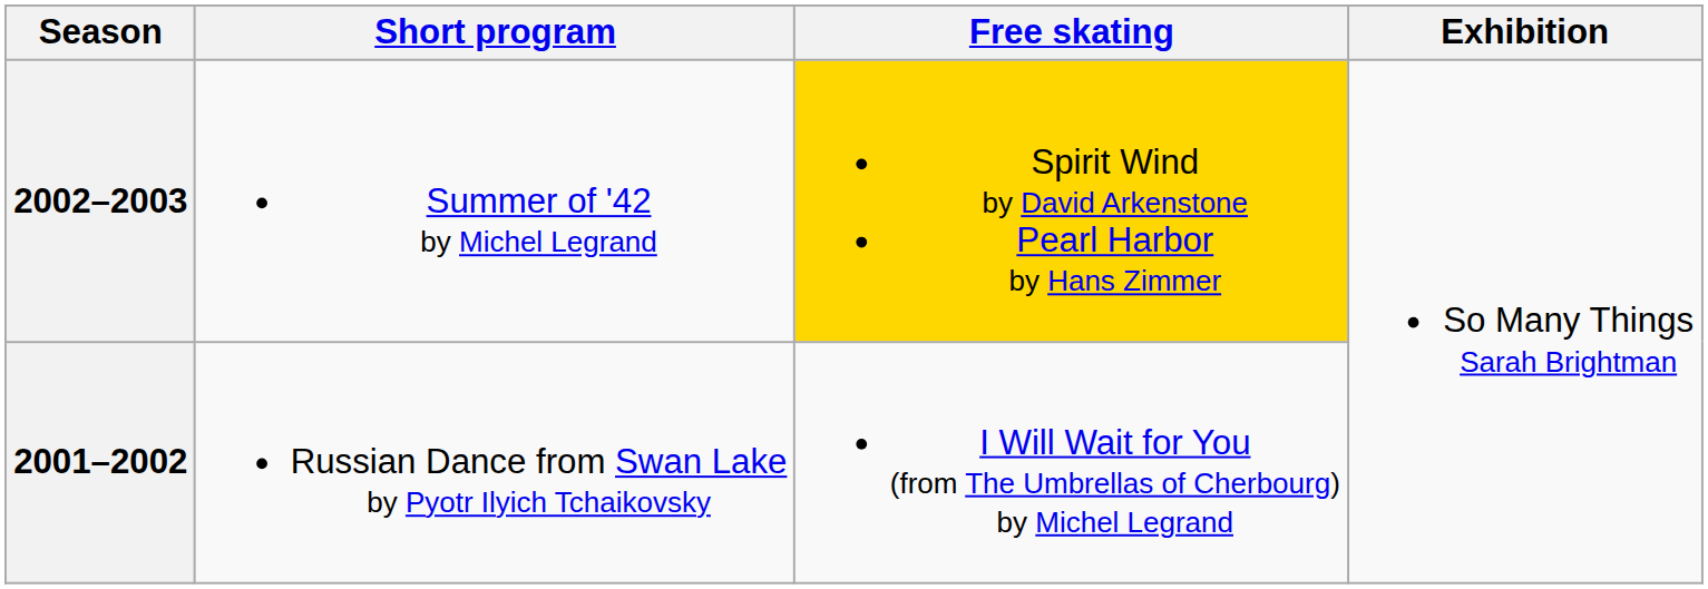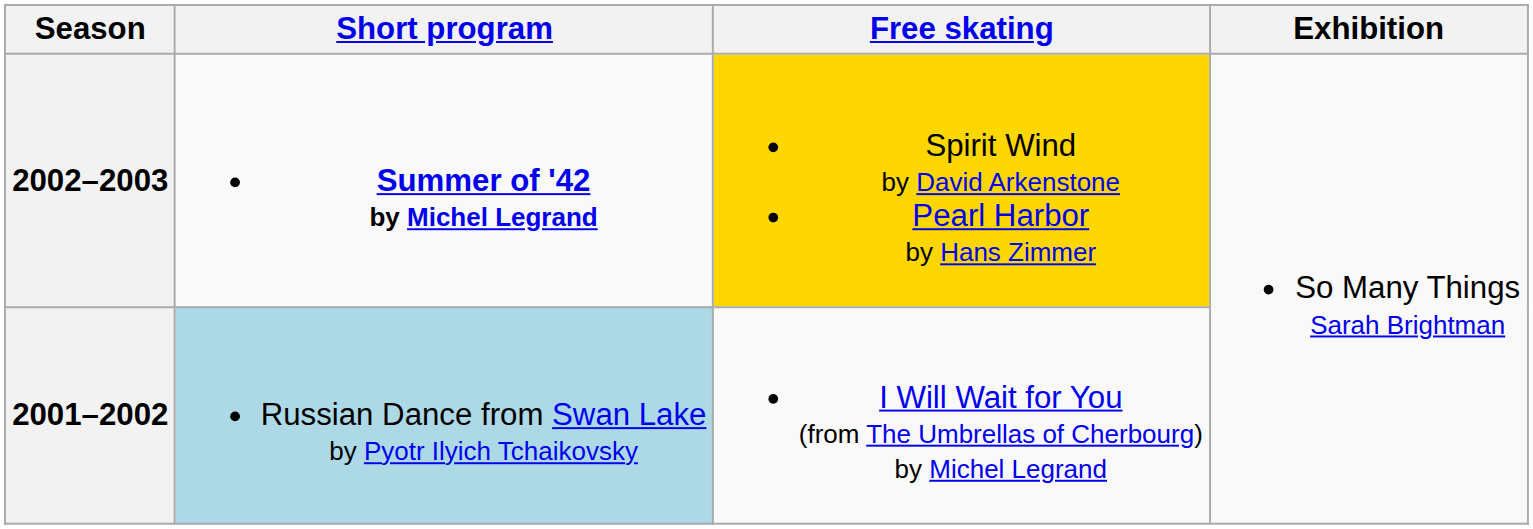 <table class="wikitable" style="text-align:center">
 <tr>
 <th>Season</th>
 <th><a href='#'>Short program</a></th>
 <th><a href='#'>Free skating</a></th>
 <th>Exhibition</th>
 </tr>
 <tr>
 <th>2002–2003 <br> </th>
-<td><br><ul><li><a href='#'>Summer of '42</a><br><small> by <a href='#'>Michel Legrand</a> </small></li></ul></td>
+<td><strong><br><ul><li><a href='#'>Summer of '42</a><br><small> by <a href='#'>Michel Legrand</a> </small></li></ul></strong></td>
 <td style="background: gold;"><br><ul><li>Spirit Wind <br><small> by <a href='#'>David Arkenstone</a> </small></li><li><a href='#'>Pearl Harbor</a> <br><small> by <a href='#'>Hans Zimmer</a> </small></li></ul></td>
 <td rowspan=2><br><ul><li>So Many Things <br><small> <a href='#'>Sarah Brightman</a> </small></li></ul></td>
 </tr>
 <tr>
 <th>2001–2002 <br> </th>
-<td><br><ul><li>Russian Dance from <a href='#'>Swan Lake</a> <br><small> by <a href='#'>Pyotr Ilyich Tchaikovsky</a> </small></li></ul></td>
+<td style="background: lightblue;"><br><ul><li>Russian Dance from <a href='#'>Swan Lake</a> <br><small> by <a href='#'>Pyotr Ilyich Tchaikovsky</a> </small></li></ul></td>
 <td><br><ul><li><a href='#'>I Will Wait for You</a> <br><small> (from <a href='#'>The Umbrellas of Cherbourg</a>) <br> by <a href='#'>Michel Legrand</a> </small></li></ul></td>
 </tr>
 </table>
